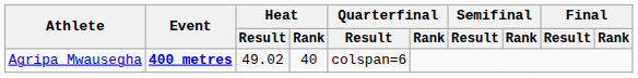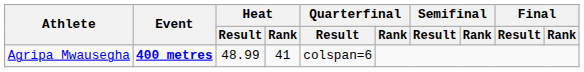 <table class=wikitable style=font-size:90%>
 <tr>
 <th rowspan=2>Athlete</th>
 <th rowspan=2>Event</th>
 <th colspan=2>Heat</th>
 <th colspan=2>Quarterfinal</th>
 <th colspan=2>Semifinal</th>
 <th colspan=2>Final</th>
 </tr>
 <tr style=font-size:95%>
 <th>Result</th>
 <th>Rank</th>
 <th>Result</th>
 <th>Rank</th>
 <th>Result</th>
 <th>Rank</th>
 <th>Result</th>
 <th>Rank</th>
 </tr>
 <tr align=center>
 <td align=left><a href='#'>Agripa Mwausegha</a></td>
 <td align=left><strong><a href='#'>400 metres</a></strong></td>
-<td>49.02</td>
-<td>40</td>
+<td>48.99</td>
+<td>41</td>
 <td>colspan=6 </td>
 </tr>
 </table>
